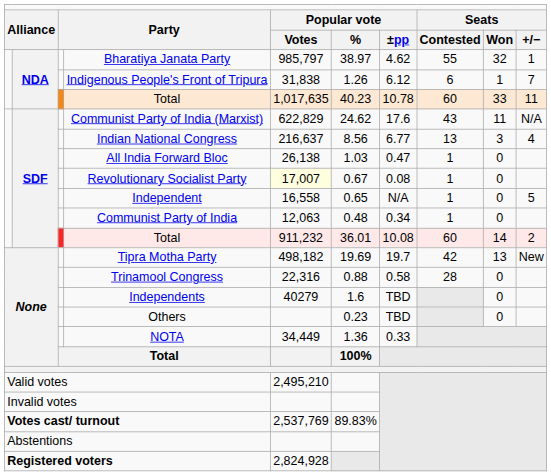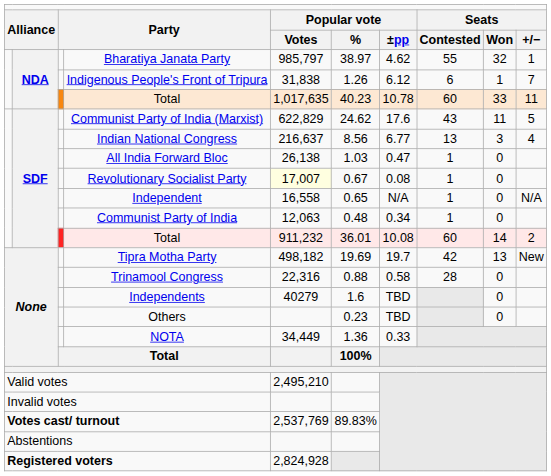 <table class="wikitable sortable" style="text-align:center;">
 <tr>
 <td colspan=15 align=center></td>
 </tr>
 <tr>
 <th colspan="2" rowspan="2">Alliance</th>
 <th colspan="2" rowspan="2">Party</th>
 <th colspan="3">Popular vote</th>
 <th colspan="3">Seats</th>
 </tr>
 <tr>
 <th>Votes</th>
 <th>%</th>
 <th>±<a href='#'>pp</a></th>
 <th>Contested</th>
 <th>Won</th>
 <th><strong>+/−</strong></th>
 </tr>
 <tr>
 <td rowspan="3"></td>
 <th rowspan="3" style="text-align:center"><strong><a href='#'>NDA</a></strong></th>
 <td></td>
 <td><a href='#'>Bharatiya Janata Party</a></td>
 <td>985,797</td>
 <td>38.97</td>
 <td>4.62</td>
 <td>55</td>
 <td>32</td>
 <td> 1</td>
 </tr>
 <tr>
 <td></td>
 <td><a href='#'>Indigenous People's Front of Tripura</a></td>
 <td>31,838</td>
 <td>1.26</td>
 <td>6.12</td>
 <td>6</td>
 <td>1</td>
 <td> 7</td>
 </tr>
 <tr>
 <td style="background:#f8860e"></td>
 <td style="background:#fde8d3">Total</td>
 <td style="background:#fde8d3">1,017,635</td>
 <td style="background:#fde8d3">40.23</td>
 <td style="background:#fde8d3">10.78</td>
 <td style="background:#fde8d3">60</td>
 <td style="background:#fde8d3">33</td>
 <td style="background:#fde8d3"> 11</td>
 </tr>
 <tr>
 <td rowspan="7"></td>
 <th rowspan="7"><a href='#'>SDF</a></th>
 <td></td>
 <td><a href='#'>Communist Party of India (Marxist)</a></td>
 <td>622,829</td>
 <td>24.62</td>
 <td>17.6</td>
 <td>43</td>
 <td>11</td>
-<td>N/A</td>
+<td> 5</td>
 </tr>
 <tr>
 <td></td>
 <td><a href='#'>Indian National Congress</a></td>
 <td>216,637</td>
 <td>8.56</td>
 <td>6.77</td>
 <td>13</td>
 <td>3</td>
 <td> 4</td>
 </tr>
 <tr>
 <td></td>
 <td><a href='#'>All India Forward Bloc</a></td>
 <td>26,138</td>
 <td>1.03</td>
 <td>0.47</td>
 <td>1</td>
 <td>0</td>
 <td></td>
 </tr>
 <tr>
 <td></td>
 <td><a href='#'>Revolutionary Socialist Party</a></td>
 <td style="background: lightyellow;">17,007</td>
 <td>0.67</td>
 <td>0.08</td>
 <td>1</td>
 <td>0</td>
 <td></td>
 </tr>
 <tr>
 <td></td>
 <td><a href='#'>Independent</a></td>
 <td>16,558</td>
 <td>0.65</td>
 <td>N/A</td>
 <td>1</td>
 <td>0</td>
-<td> 5</td>
+<td>N/A</td>
 </tr>
 <tr>
 <td></td>
 <td><a href='#'>Communist Party of India</a></td>
 <td>12,063</td>
 <td>0.48</td>
 <td>0.34</td>
 <td>1</td>
 <td>0</td>
 <td></td>
 </tr>
 <tr>
 <td style="background:#FF2222"></td>
 <td style="background:#ffe8e8">Total</td>
 <td style="background:#ffe8e8">911,232</td>
 <td style="background:#ffe8e8">36.01</td>
 <td style="background:#ffe8e8">10.08</td>
 <td style="background:#ffe8e8">60</td>
 <td style="background:#ffe8e8">14</td>
 <td style="background:#ffe8e8"> 2</td>
 </tr>
 <tr>
 <th colspan="2" rowspan="6"><em>None</em></th>
 <td></td>
 <td><a href='#'>Tipra Motha Party</a></td>
 <td>498,182</td>
 <td>19.69</td>
 <td> 19.7</td>
 <td>42</td>
 <td>13</td>
 <td>New</td>
 </tr>
 <tr>
 <td></td>
 <td><a href='#'>Trinamool Congress</a></td>
 <td>22,316</td>
 <td>0.88</td>
 <td> 0.58</td>
 <td>28</td>
 <td>0</td>
 <td></td>
 </tr>
 <tr>
 <td></td>
 <td><a href='#'>Independents</a></td>
 <td>40279</td>
 <td>1.6</td>
 <td>TBD</td>
 <td style="background-color:#E9E9E9"></td>
 <td>0</td>
 <td></td>
 </tr>
 <tr>
 <td></td>
 <td>Others</td>
 <td></td>
 <td>0.23</td>
 <td>TBD</td>
 <td style="background-color:#E9E9E9"></td>
 <td>0</td>
 <td></td>
 </tr>
 <tr>
 <td></td>
 <td><a href='#'>NOTA</a></td>
 <td>34,449</td>
 <td>1.36</td>
 <td> 0.33</td>
 <th colspan="3" style="background-color:#E9E9E9"></th>
 </tr>
 <tr>
 <th colspan="2">Total</th>
 <th></th>
 <th>100%</th>
 <th colspan="4" style="background-color:#E9E9E9"></th>
 </tr>
 <tr>
 <th colspan="10"></th>
 </tr>
 <tr>
 <td colspan="4" style="text-align:left;">Valid votes</td>
 <td align="right">2,495,210</td>
 <td align="right"></td>
 <th colspan="4" rowspan="5" style="background-color:#E9E9E9"></th>
 </tr>
 <tr>
 <td colspan="4" style="text-align:left;">Invalid votes</td>
 <td align="right"></td>
 <td align="right"></td>
 </tr>
 <tr>
 <td colspan="4" style="text-align:left;"><strong>Votes cast/ turnout</strong></td>
 <td align="right">2,537,769</td>
 <td align="right">89.83%</td>
 </tr>
 <tr>
 <td colspan="4" style="text-align:left;">Abstentions</td>
 <td align="right"></td>
 <td align="right"></td>
 </tr>
 <tr>
 <td colspan="4" style="text-align:left;"><strong>Registered voters</strong></td>
 <td align="right">2,824,928</td>
 <td style="background-color:#E9E9E9"></td>
 </tr>
 </table>
